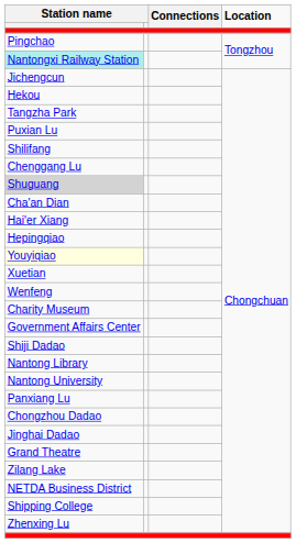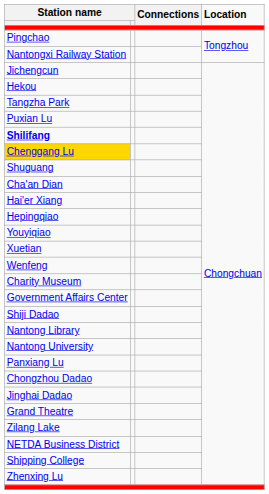 <table class="wikitable">
 <tr>
 <th colspan="2">Station name</th>
 <th rowspan="2">Connections</th>
 <td rowspan="2"><strong>Location</strong></td>
 </tr>
 <tr>
 <th></th>
 <th></th>
 </tr>
 <tr style = "background:#FF0000; height: 2pt">
 <td colspan="4"></td>
 </tr>
 <tr>
 <td><a href='#'>Pingchao</a></td>
 <td></td>
 <td></td>
 <td rowspan="2"><a href='#'>Tongzhou</a></td>
 </tr>
 <tr>
-<td style="background: paleturquoise;"><a href='#'>Nantongxi Railway Station</a></td>
+<td><a href='#'>Nantongxi Railway Station</a></td>
 <td></td>
 <td> </td>
 </tr>
 <tr>
 <td><a href='#'>Jichengcun</a></td>
 <td></td>
 <td></td>
 <td rowspan="26"><a href='#'>Chongchuan</a></td>
 </tr>
 <tr>
 <td><a href='#'>Hekou</a></td>
 <td></td>
 <td></td>
 </tr>
 <tr>
 <td><a href='#'>Tangzha Park</a></td>
 <td></td>
 <td></td>
 </tr>
 <tr>
 <td><a href='#'>Puxian Lu</a></td>
 <td></td>
 <td></td>
 </tr>
 <tr>
-<td><a href='#'>Shilifang</a></td>
+<td><strong><a href='#'>Shilifang</a></strong></td>
 <td></td>
 <td></td>
 </tr>
 <tr>
-<td><a href='#'>Chenggang Lu</a></td>
+<td style="background: gold;"><a href='#'>Chenggang Lu</a></td>
 <td></td>
 <td></td>
 </tr>
 <tr>
-<td style="background: lightgrey;"><a href='#'>Shuguang</a></td>
+<td><a href='#'>Shuguang</a></td>
 <td></td>
 <td></td>
 </tr>
 <tr>
 <td><a href='#'>Cha'an Dian</a></td>
 <td></td>
 <td></td>
 </tr>
 <tr>
 <td><a href='#'>Hai'er Xiang</a></td>
 <td></td>
 <td></td>
 </tr>
 <tr>
 <td><a href='#'>Hepingqiao</a></td>
 <td></td>
 <td></td>
 </tr>
 <tr>
-<td style="background: lightyellow;"><a href='#'>Youyiqiao</a></td>
+<td><a href='#'>Youyiqiao</a></td>
 <td></td>
 <td></td>
 </tr>
 <tr>
 <td><a href='#'>Xuetian</a></td>
 <td></td>
 <td></td>
 </tr>
 <tr>
 <td><a href='#'>Wenfeng</a></td>
 <td></td>
 <td></td>
 </tr>
 <tr>
 <td><a href='#'>Charity Museum</a></td>
 <td></td>
 <td></td>
 </tr>
 <tr>
 <td><a href='#'>Government Affairs Center</a></td>
 <td></td>
 <td></td>
 </tr>
 <tr>
 <td><a href='#'>Shiji Dadao</a></td>
 <td></td>
 <td></td>
 </tr>
 <tr>
 <td><a href='#'>Nantong Library</a></td>
 <td></td>
 <td></td>
 </tr>
 <tr>
 <td><a href='#'>Nantong University</a></td>
 <td></td>
 <td></td>
 </tr>
 <tr>
 <td><a href='#'>Panxiang Lu</a></td>
 <td></td>
 <td></td>
 </tr>
 <tr>
 <td><a href='#'>Chongzhou Dadao</a></td>
 <td></td>
 <td></td>
 </tr>
 <tr>
 <td><a href='#'>Jinghai Dadao</a></td>
 <td></td>
 <td></td>
 </tr>
 <tr>
 <td><a href='#'>Grand Theatre</a></td>
 <td></td>
 <td></td>
 </tr>
 <tr>
 <td><a href='#'>Zilang Lake</a></td>
 <td></td>
 <td></td>
 </tr>
 <tr>
 <td><a href='#'>NETDA Business District</a></td>
 <td></td>
 <td></td>
 </tr>
 <tr>
 <td><a href='#'>Shipping College</a></td>
 <td></td>
 <td></td>
 </tr>
 <tr>
 <td><a href='#'>Zhenxing Lu</a></td>
 <td></td>
 <td></td>
 </tr>
 <tr style = "background:#FF0000; height: 2pt">
 <td colspan="4"></td>
 </tr>
 </table>
